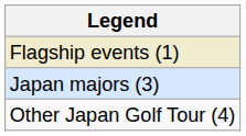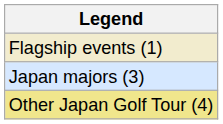 <table class="wikitable" style="font-size:95%;">
 <tr>
 <th>Legend</th>
 </tr>
 <tr style="background:#f2ecce;">
 <td>Flagship events (1)</td>
 </tr>
 <tr style="background:#D6E8FF;">
 <td>Japan majors (3)</td>
 </tr>
 <tr>
-<td>Other Japan Golf Tour (4)</td>
+<td style="background: khaki;">Other Japan Golf Tour (4)</td>
 </tr>
 </table>
